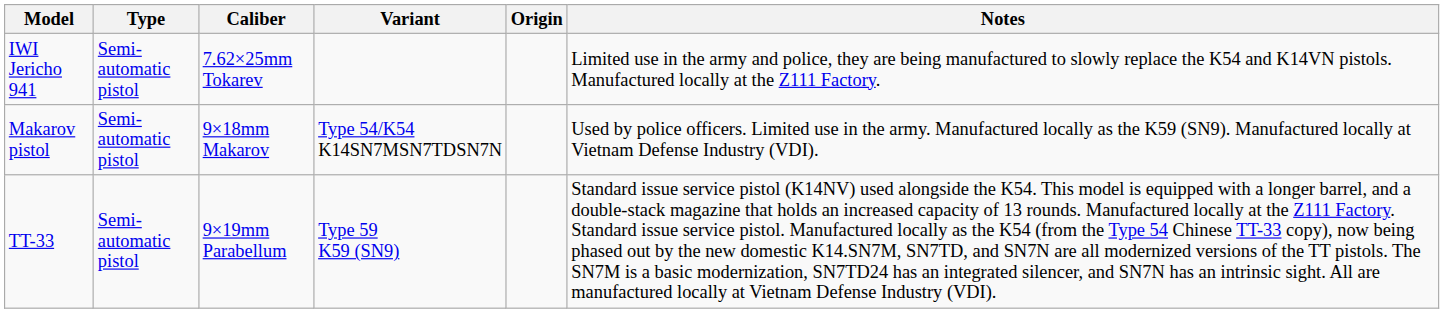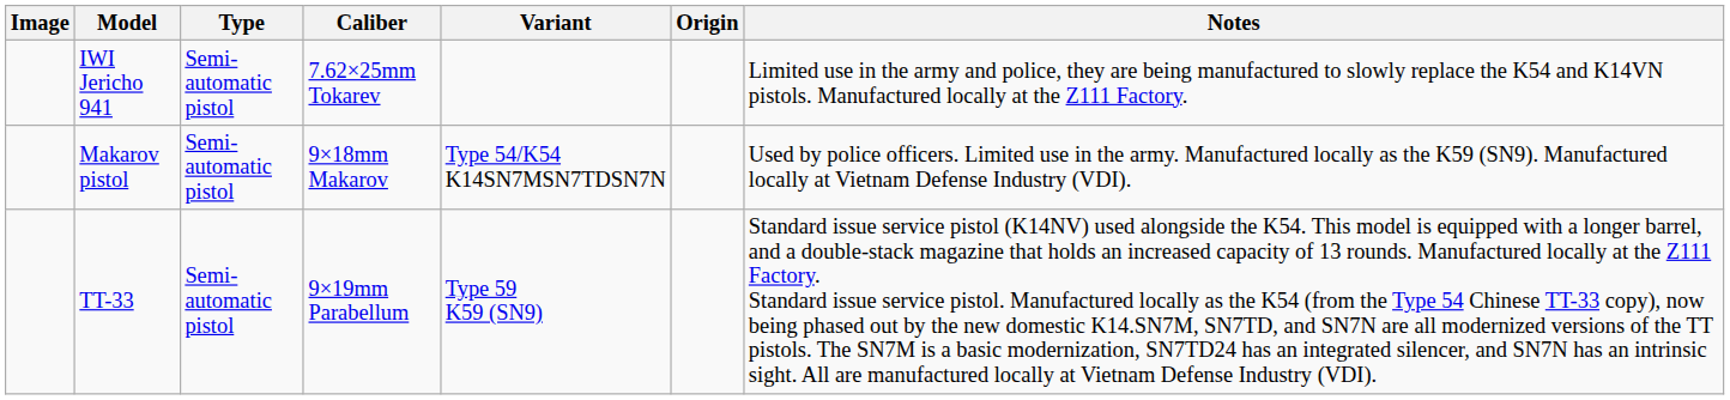 <table class="wikitable">
 <tr>
+<th>Image</th>
 <th>Model</th>
 <th>Type</th>
 <th>Caliber</th>
 <th>Variant</th>
 <th>Origin</th>
 <th>Notes</th>
 </tr>
 <tr>
+<td></td>
 <td><a href='#'>IWI Jericho 941</a></td>
 <td><a href='#'>Semi-automatic pistol</a></td>
 <td><a href='#'>7.62×25mm Tokarev</a></td>
 <td></td>
 <td><br></td>
 <td>Limited use in the army and police, they are being manufactured to slowly replace the K54 and K14VN pistols. Manufactured locally at the <a href='#'>Z111 Factory</a>.</td>
 </tr>
 <tr>
+<td></td>
 <td><a href='#'>Makarov pistol</a></td>
 <td><a href='#'>Semi-automatic pistol</a></td>
 <td><a href='#'>9×18mm Makarov</a></td>
 <td><a href='#'>Type 54/K54</a><br>K14SN7MSN7TDSN7N</td>
 <td><br></td>
 <td>Used by police officers. Limited use in the army. Manufactured locally as the K59 (SN9). Manufactured locally at Vietnam Defense Industry (VDI).</td>
 </tr>
 <tr>
+<td></td>
 <td><a href='#'>TT-33</a></td>
 <td><a href='#'>Semi-automatic pistol</a></td>
 <td><a href='#'>9×19mm Parabellum</a></td>
 <td><a href='#'>Type 59</a><br><a href='#'>K59 (SN9)</a></td>
 <td><br>  </td>
 <td>Standard issue service pistol (K14NV) used alongside the K54. This model is equipped with a longer barrel, and a double-stack magazine that holds an increased capacity of 13 rounds. Manufactured locally at the <a href='#'>Z111 Factory</a>.<br>Standard issue service pistol. Manufactured locally as the K54 (from the <a href='#'>Type 54</a> Chinese <a href='#'>TT-33</a> copy), now being phased out by the new domestic K14.SN7M, SN7TD, and SN7N are all modernized versions of the TT pistols. The SN7M is a basic modernization, SN7TD24 has an integrated silencer, and SN7N has an intrinsic sight. All are manufactured locally at Vietnam Defense Industry (VDI).</td>
 </tr>
 </table>
